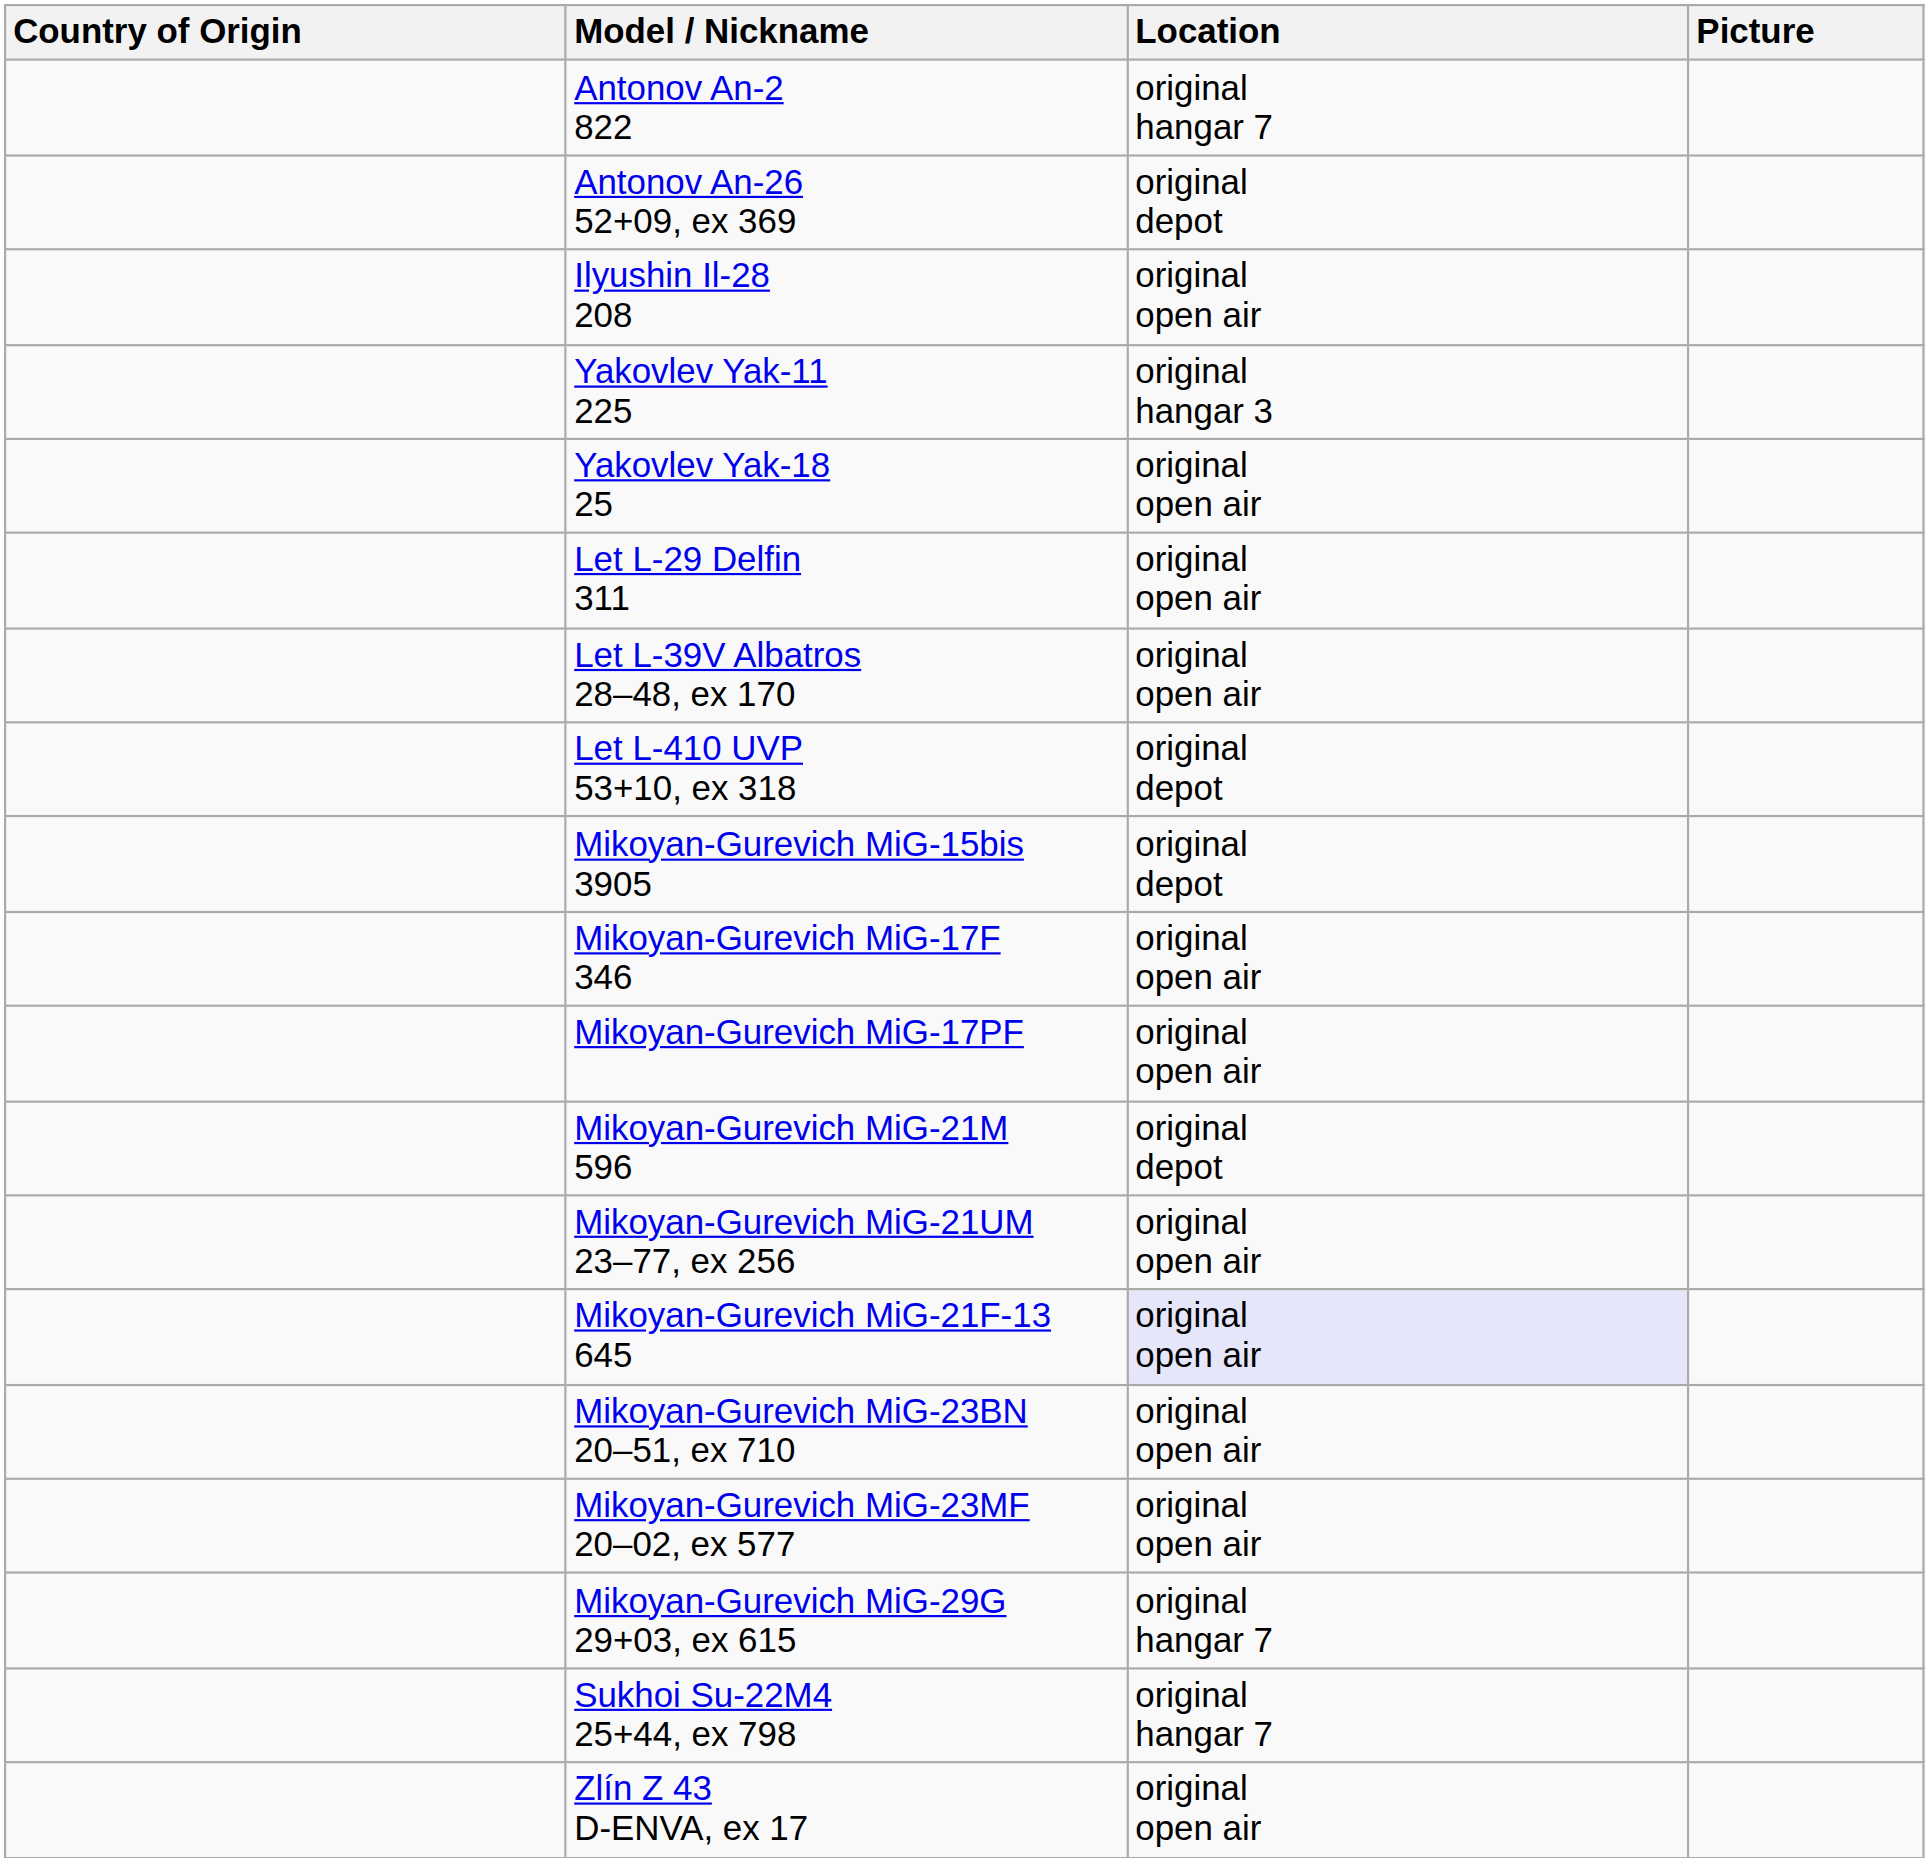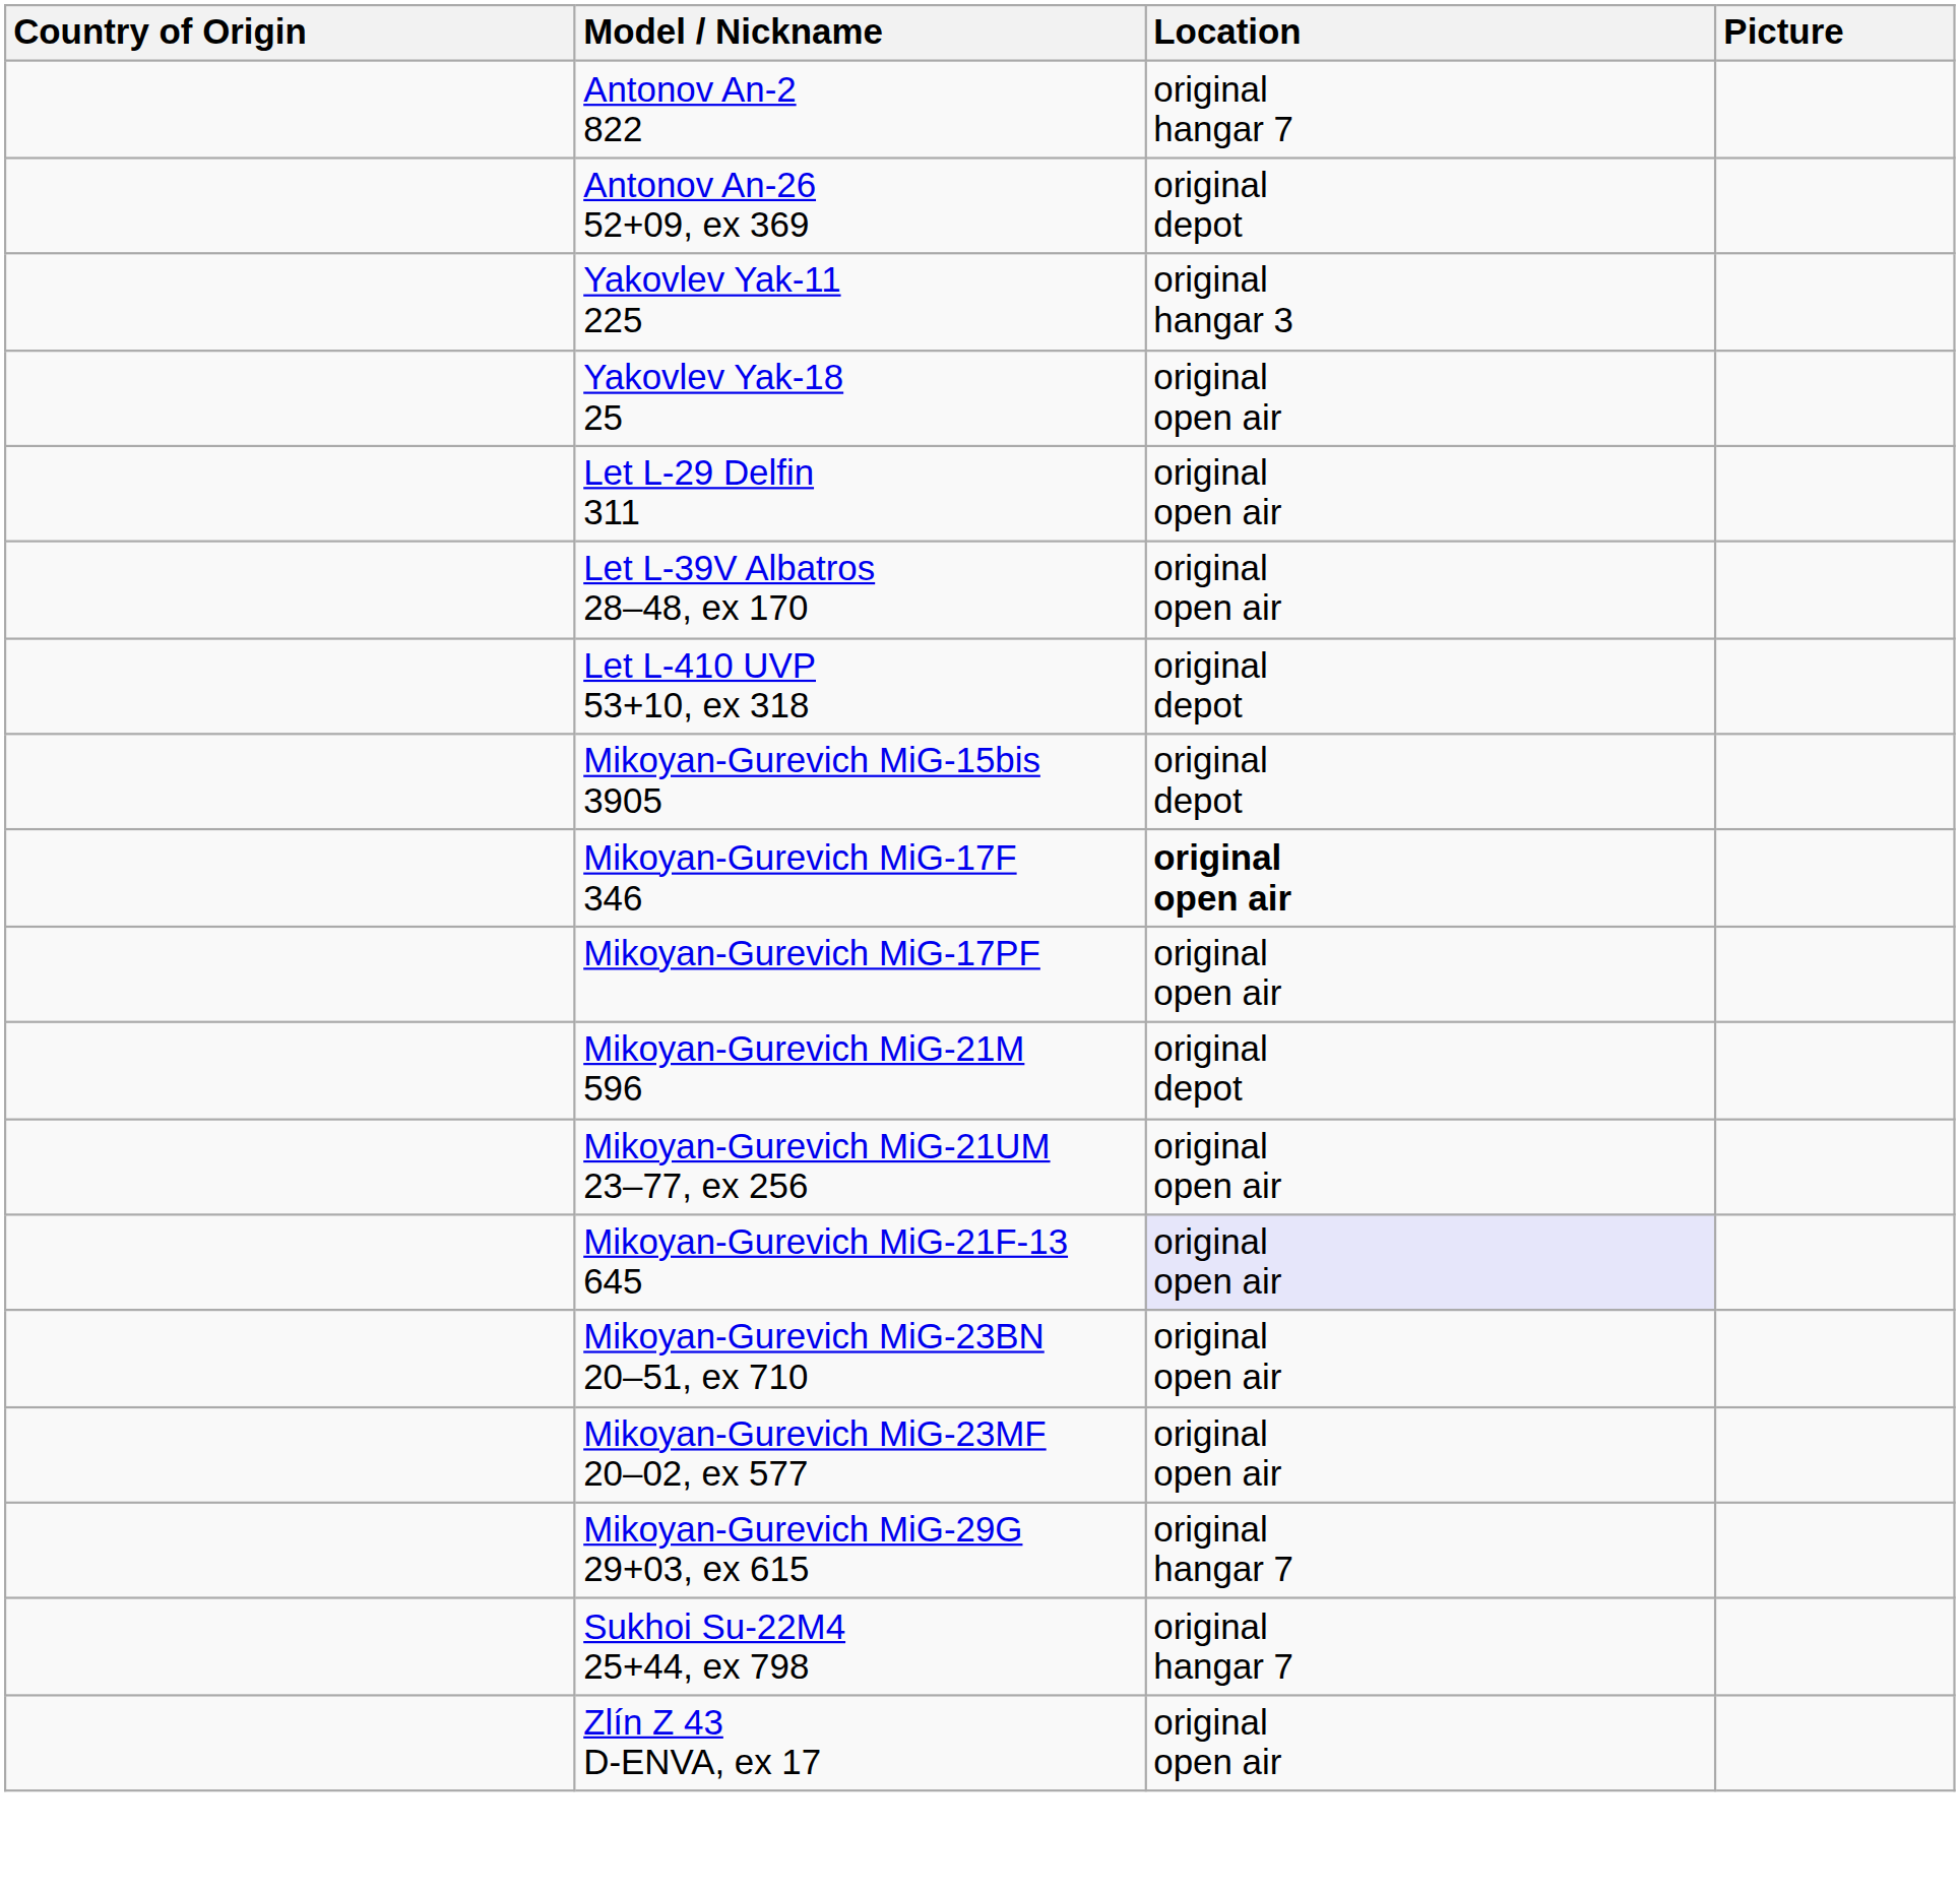 <table class="wikitable sortable">
 <tr>
 <th style="text-align:left" width=250px>Country of Origin</th>
 <th ! style="text-align:left" width=250px>Model / Nickname</th>
 <th ! style="text-align:left" width=250px class="unsortable">Location</th>
 <th ! style="text-align:left" width=100px class="unsortable">Picture</th>
 </tr>
 <tr style="vertical-align:top">
 <td style="text-align:left"></td>
 <td style="text-align:left"><a href='#'>Antonov An-2</a><br>822</td>
 <td style="text-align:left">original<br>hangar 7</td>
 <td style="text-align:left"></td>
 </tr>
 <tr style="vertical-align:top">
 <td style="text-align:left"></td>
 <td style="text-align:left"><a href='#'>Antonov An-26</a><br>52+09, ex 369</td>
 <td style="text-align:left">original<br>depot</td>
-<td style="text-align:left"></td>
-</tr>
-<tr style="vertical-align:top">
-<td style="text-align:left"></td>
-<td style="text-align:left"><a href='#'>Ilyushin Il-28</a><br>208</td>
-<td style="text-align:left">original<br>open air</td>
 <td style="text-align:left"></td>
 </tr>
 <tr style="vertical-align:top">
 <td style="text-align:left"></td>
 <td style="text-align:left"><a href='#'>Yakovlev Yak-11</a><br>225</td>
 <td style="text-align:left">original<br>hangar 3</td>
 <td style="text-align:left"></td>
 </tr>
 <tr style="vertical-align:top">
 <td style="text-align:left"></td>
 <td style="text-align:left"><a href='#'>Yakovlev Yak-18</a><br>25</td>
 <td style="text-align:left">original<br>open air</td>
 <td style="text-align:left"></td>
 </tr>
 <tr style="vertical-align:top">
 <td style="text-align:left"></td>
 <td style="text-align:left"><a href='#'>Let L-29 Delfin</a><br>311</td>
 <td style="text-align:left">original<br>open air</td>
 <td style="text-align:left"></td>
 </tr>
 <tr style="vertical-align:top">
 <td style="text-align:left"></td>
 <td style="text-align:left"><a href='#'>Let L-39V Albatros</a><br>28–48, ex 170</td>
 <td style="text-align:left">original<br>open air</td>
 <td style="text-align:left"></td>
 </tr>
 <tr style="vertical-align:top">
 <td style="text-align:left"></td>
 <td style="text-align:left"><a href='#'>Let L-410 UVP</a><br>53+10, ex 318</td>
 <td style="text-align:left">original<br>depot</td>
 <td style="text-align:left"></td>
 </tr>
 <tr style="vertical-align:top">
 <td style="text-align:left"></td>
 <td style="text-align:left"><a href='#'>Mikoyan-Gurevich MiG-15bis</a><br>3905</td>
 <td style="text-align:left">original<br>depot</td>
 <td style="text-align:left"></td>
 </tr>
 <tr style="vertical-align:top">
 <td style="text-align:left"></td>
 <td style="text-align:left"><a href='#'>Mikoyan-Gurevich MiG-17F</a><br>346</td>
-<td style="text-align:left">original<br>open air</td>
+<td style="text-align:left"><strong>original<br>open air</strong></td>
 <td style="text-align:left"></td>
 </tr>
 <tr style="vertical-align:top">
 <td style="text-align:left"></td>
 <td style="text-align:left"><a href='#'>Mikoyan-Gurevich MiG-17PF</a></td>
 <td style="text-align:left">original<br>open air</td>
 <td style="text-align:left"></td>
 </tr>
 <tr style="vertical-align:top">
 <td style="text-align:left"></td>
 <td style="text-align:left"><a href='#'>Mikoyan-Gurevich MiG-21M</a><br>596</td>
 <td style="text-align:left">original<br>depot</td>
 <td style="text-align:left"></td>
 </tr>
 <tr style="vertical-align:top">
 <td style="text-align:left"></td>
 <td style="text-align:left"><a href='#'>Mikoyan-Gurevich MiG-21UM</a><br>23–77, ex 256</td>
 <td style="text-align:left">original<br>open air</td>
 <td style="text-align:left"></td>
 </tr>
 <tr style="vertical-align:top">
 <td style="text-align:left"></td>
 <td style="text-align:left"><a href='#'>Mikoyan-Gurevich MiG-21F-13</a><br>645</td>
 <td style="background: lavender; text-align:left">original<br>open air</td>
 <td style="text-align:left"></td>
 </tr>
 <tr style="vertical-align:top">
 <td style="text-align:left"></td>
 <td style="text-align:left"><a href='#'>Mikoyan-Gurevich MiG-23BN</a><br>20–51, ex 710</td>
 <td style="text-align:left">original<br>open air</td>
 <td style="text-align:left"></td>
 </tr>
 <tr style="vertical-align:top">
 <td style="text-align:left"></td>
 <td style="text-align:left"><a href='#'>Mikoyan-Gurevich MiG-23MF</a><br>20–02, ex 577</td>
 <td style="text-align:left">original<br>open air</td>
 <td style="text-align:left"></td>
 </tr>
 <tr style="vertical-align:top">
 <td style="text-align:left"></td>
 <td style="text-align:left"><a href='#'>Mikoyan-Gurevich MiG-29G</a><br>29+03, ex 615</td>
 <td style="text-align:left">original<br>hangar 7</td>
 <td style="text-align:left"></td>
 </tr>
 <tr style="vertical-align:top">
 <td style="text-align:left"></td>
 <td style="text-align:left"><a href='#'>Sukhoi Su-22M4</a><br>25+44, ex 798</td>
 <td style="text-align:left">original<br>hangar 7</td>
 <td style="text-align:left"></td>
 </tr>
 <tr style="vertical-align:top">
 <td style="text-align:left"></td>
 <td style="text-align:left"><a href='#'>Zlín Z 43</a><br>D-ENVA, ex 17</td>
 <td style="text-align:left">original<br>open air</td>
 <td style="text-align:left"></td>
 </tr>
 </table>
